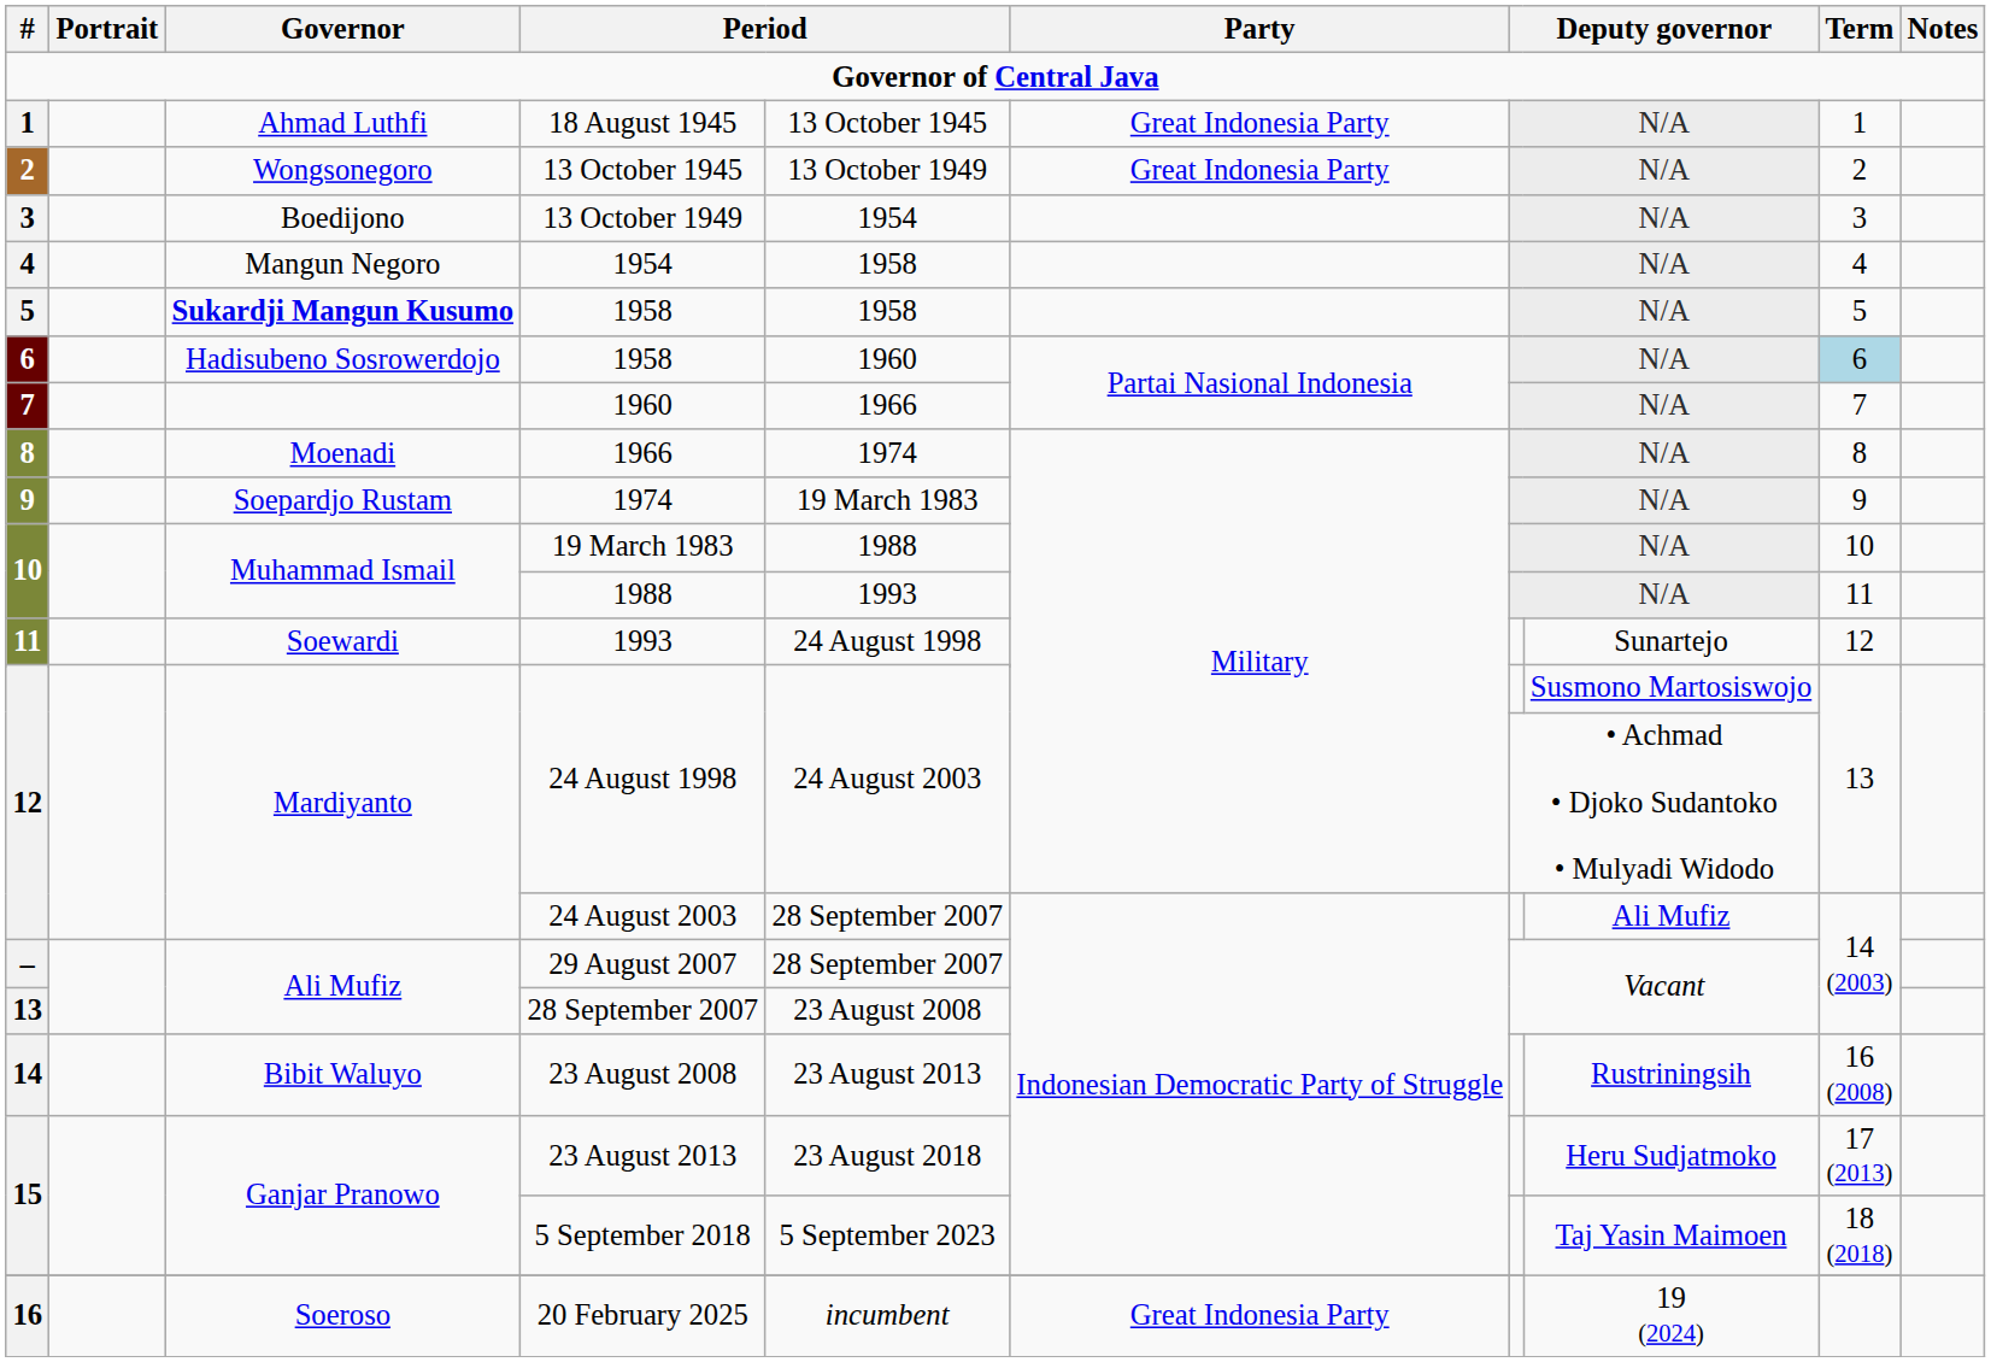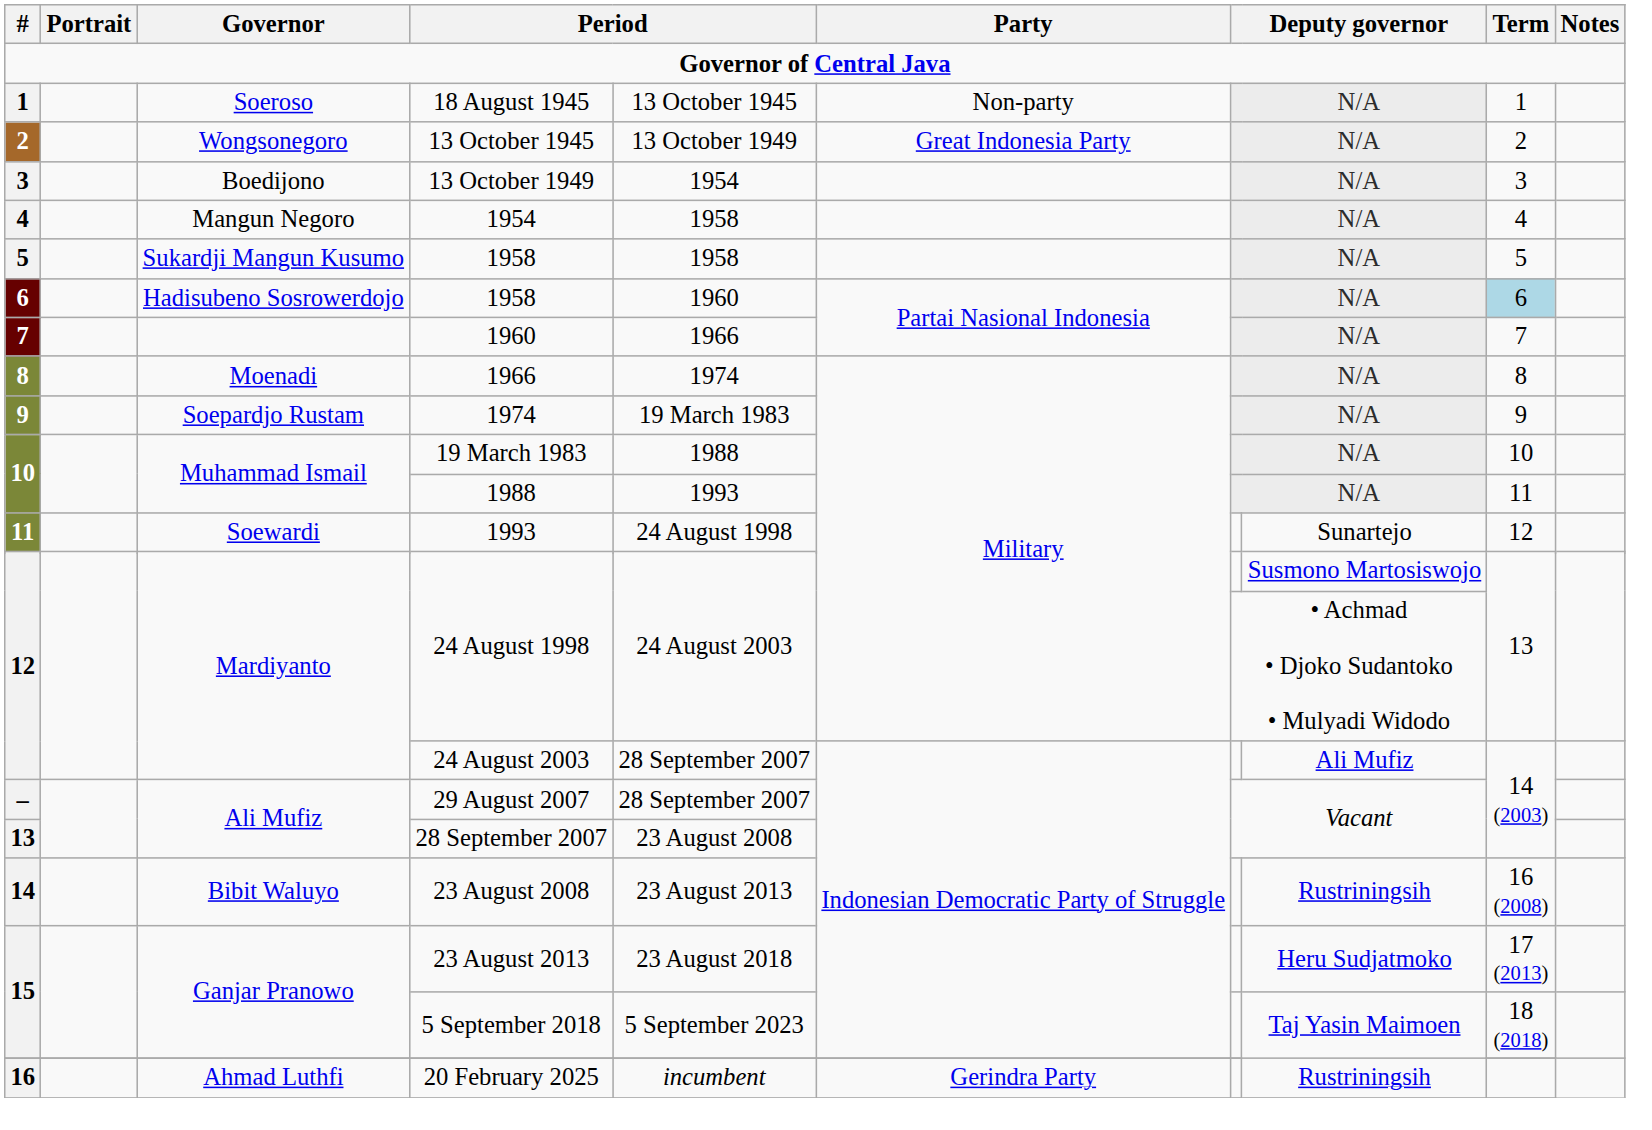 <table class="wikitable" style="text-align:center;">
 <tr>
 <th>#</th>
 <th>Portrait</th>
 <th>Governor</th>
 <th colspan="2">Period</th>
 <th>Party</th>
 <th colspan="2">Deputy governor</th>
 <th>Term</th>
 <th>Notes</th>
 </tr>
 <tr>
 <td colspan="10" align="center"><strong>Governor of <a href='#'>Central Java</a></strong></td>
 </tr>
 <tr>
 <th style="background:">1</th>
 <td></td>
-<td><a href='#'>Ahmad Luthfi</a></td>
+<td><a href='#'>Soeroso</a></td>
 <td>18 August 1945</td>
 <td>13 October 1945</td>
-<td><a href='#'>Great Indonesia Party</a></td>
+<td>Non-party</td>
 <td colspan="2" data-sort-value="" style="background: #ececec; color: #2C2C2C; vertical-align: middle;" class="table-na">N/A</td>
 <td>1</td>
 <td></td>
 </tr>
 <tr>
 <th style="background:#A5682A;color:white">2</th>
 <td></td>
 <td><a href='#'>Wongsonegoro</a></td>
 <td>13 October 1945</td>
 <td>13 October 1949</td>
 <td><a href='#'>Great Indonesia Party</a></td>
 <td colspan="2" data-sort-value="" style="background: #ececec; color: #2C2C2C; vertical-align: middle;" class="table-na">N/A</td>
 <td>2</td>
 <td></td>
 </tr>
 <tr>
 <th style="background:;color:black">3</th>
 <td></td>
 <td>Boedijono</td>
 <td>13 October 1949</td>
 <td>1954</td>
 <td></td>
 <td colspan="2" data-sort-value="" style="background: #ececec; color: #2C2C2C; vertical-align: middle;" class="table-na">N/A</td>
 <td>3</td>
 <td></td>
 </tr>
 <tr>
 <th style="background:;color:black">4</th>
 <td></td>
 <td>Mangun Negoro</td>
 <td>1954</td>
 <td>1958</td>
 <td></td>
 <td colspan="2" data-sort-value="" style="background: #ececec; color: #2C2C2C; vertical-align: middle;" class="table-na">N/A</td>
 <td>4</td>
 <td></td>
 </tr>
 <tr>
 <th style="background:;color:black">5</th>
 <td></td>
-<td><strong><a href='#'>Sukardji Mangun Kusumo</a></strong></td>
+<td><a href='#'>Sukardji Mangun Kusumo</a></td>
 <td>1958</td>
 <td>1958</td>
 <td></td>
 <td colspan="2" data-sort-value="" style="background: #ececec; color: #2C2C2C; vertical-align: middle;" class="table-na">N/A</td>
 <td>5</td>
 <td></td>
 </tr>
 <tr>
 <th style="background:#660000;color:white">6</th>
 <td></td>
 <td><a href='#'>Hadisubeno Sosrowerdojo</a></td>
 <td>1958</td>
 <td>1960</td>
 <td rowspan="2"><a href='#'>Partai Nasional Indonesia</a></td>
 <td colspan="2" data-sort-value="" style="background: #ececec; color: #2C2C2C; vertical-align: middle;" class="table-na">N/A</td>
 <td style="background: lightblue;">6</td>
 <td></td>
 </tr>
 <tr>
 <th style="background:#660000;color:white">7</th>
 <td></td>
 <td></td>
 <td>1960</td>
 <td>1966</td>
 <td colspan="2" data-sort-value="" style="background: #ececec; color: #2C2C2C; vertical-align: middle;" class="table-na">N/A</td>
 <td>7</td>
 <td></td>
 </tr>
 <tr>
 <th style="background:#7B8738;color:white">8</th>
 <td></td>
 <td><a href='#'>Moenadi</a></td>
 <td>1966</td>
 <td>1974</td>
 <td rowspan="8"><a href='#'>Military</a></td>
 <td colspan="2" data-sort-value="" style="background: #ececec; color: #2C2C2C; vertical-align: middle;" class="table-na">N/A</td>
 <td>8</td>
 <td></td>
 </tr>
 <tr>
 <th style="background:#7B8738;color:white">9</th>
 <td></td>
 <td><a href='#'>Soepardjo Rustam</a></td>
 <td>1974</td>
 <td>19 March 1983</td>
 <td colspan="2" data-sort-value="" style="background: #ececec; color: #2C2C2C; vertical-align: middle;" class="table-na">N/A</td>
 <td>9</td>
 <td></td>
 </tr>
 <tr>
 <th rowspan="2" style="background:#7B8738;color:white">10</th>
 <td rowspan="2"></td>
 <td rowspan="2"><a href='#'>Muhammad Ismail</a></td>
 <td>19 March 1983</td>
 <td>1988</td>
 <td colspan="2" data-sort-value="" style="background: #ececec; color: #2C2C2C; vertical-align: middle; text-align: center; " class="table-na">N/A</td>
 <td>10</td>
 <td></td>
 </tr>
 <tr>
 <td>1988</td>
 <td>1993</td>
 <td colspan="2" data-sort-value="" style="background: #ececec; color: #2C2C2C; vertical-align: middle;" class="table-na">N/A</td>
 <td>11</td>
 <td></td>
 </tr>
 <tr align="center">
 <th rowspan="2" style="background:#7B8738;color:white">11</th>
 <td rowspan="2"></td>
 <td rowspan="2"><a href='#'>Soewardi</a></td>
 <td rowspan="2">1993</td>
 <td rowspan="2">24 August 1998</td>
 <td></td>
 <td>Sunartejo <br> </td>
 <td rowspan="2">12</td>
 <td rowspan="2"></td>
 </tr>
 <tr>
 <td rowspan="2"></td>
 <td rowspan="2"><a href='#'>Susmono Martosiswojo</a> <br> </td>
 </tr>
 <tr>
 <th rowspan="3" style="background:">12</th>
 <td rowspan="3"></td>
 <td rowspan="3"><a href='#'>Mardiyanto</a></td>
 <td rowspan="2">24 August 1998</td>
 <td rowspan="2">24 August 2003</td>
 <td rowspan="2">13</td>
 <td rowspan="2"></td>
 </tr>
 <tr align="center">
 <td colspan="2">• Achmad <br>  <br> • Djoko Sudantoko <br>  <br> • Mulyadi Widodo <br> </td>
 </tr>
 <tr>
 <td>24 August 2003</td>
 <td>28 September 2007</td>
 <td rowspan="6"><a href='#'>Indonesian Democratic Party of Struggle</a></td>
 <td></td>
 <td><a href='#'>Ali Mufiz</a></td>
 <td rowspan="3">14 <br><small> (<a href='#'>2003</a>)</small></td>
 <td></td>
 </tr>
 <tr>
 <th style="background:">–</th>
 <td rowspan="2"></td>
 <td rowspan="2"><a href='#'>Ali Mufiz</a></td>
 <td>29 August 2007</td>
 <td>28 September 2007</td>
 <td colspan="2" rowspan="2"><em>Vacant</em></td>
 <td></td>
 </tr>
 <tr>
 <th style="background:">13</th>
 <td>28 September 2007</td>
 <td>23 August 2008</td>
 <td></td>
 </tr>
 <tr>
 <th style="background:">14</th>
 <td></td>
 <td><a href='#'>Bibit Waluyo</a></td>
 <td>23 August 2008</td>
 <td>23 August 2013</td>
 <td></td>
 <td><a href='#'>Rustriningsih</a></td>
 <td>16 <br><small> (<a href='#'>2008</a>)</small></td>
 <td></td>
 </tr>
 <tr>
 <th rowspan="2" style="background:">15</th>
 <td rowspan="2"></td>
 <td rowspan="2"><a href='#'>Ganjar Pranowo</a></td>
 <td>23 August 2013</td>
 <td>23 August 2018</td>
 <td></td>
 <td><a href='#'>Heru Sudjatmoko</a></td>
 <td>17 <br><small> (<a href='#'>2013</a>)</small></td>
 <td></td>
 </tr>
 <tr>
 <td>5 September 2018</td>
 <td>5 September 2023</td>
 <td></td>
 <td rowspan="2"><a href='#'>Taj Yasin Maimoen</a></td>
 <td>18 <br><small> (<a href='#'>2018</a>)</small></td>
 <td></td>
 </tr>
 <tr>
 </tr>
 <tr>
 <th style="background:">16</th>
 <td></td>
-<td><a href='#'>Soeroso</a></td>
+<td><a href='#'>Ahmad Luthfi</a></td>
 <td>20 February 2025</td>
 <td><em>incumbent</em></td>
-<td><a href='#'>Great Indonesia Party</a></td>
+<td><a href='#'>Gerindra Party</a></td>
 <td></td>
-<td>19 <br><small> (<a href='#'>2024</a>)</small></td>
+<td><a href='#'>Rustriningsih</a></td>
 <td></td>
 </tr>
 <tr>
 </tr>
 </table>
